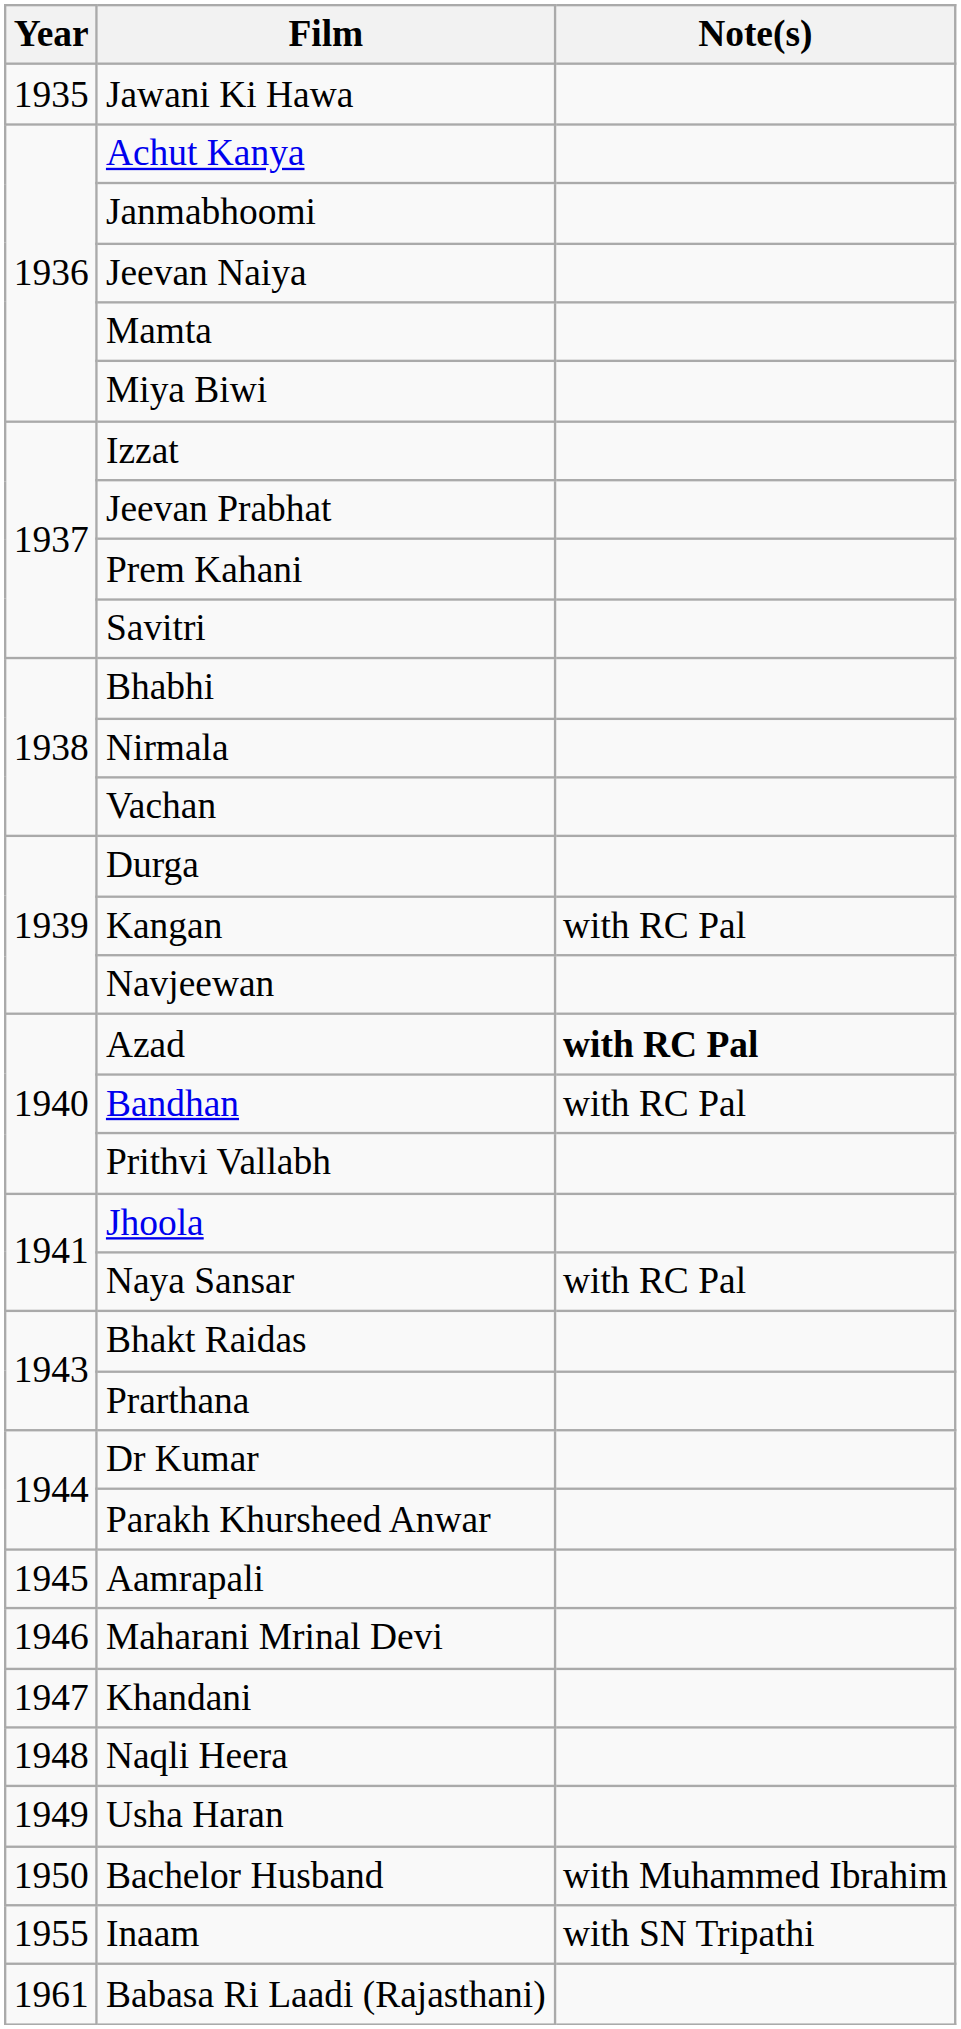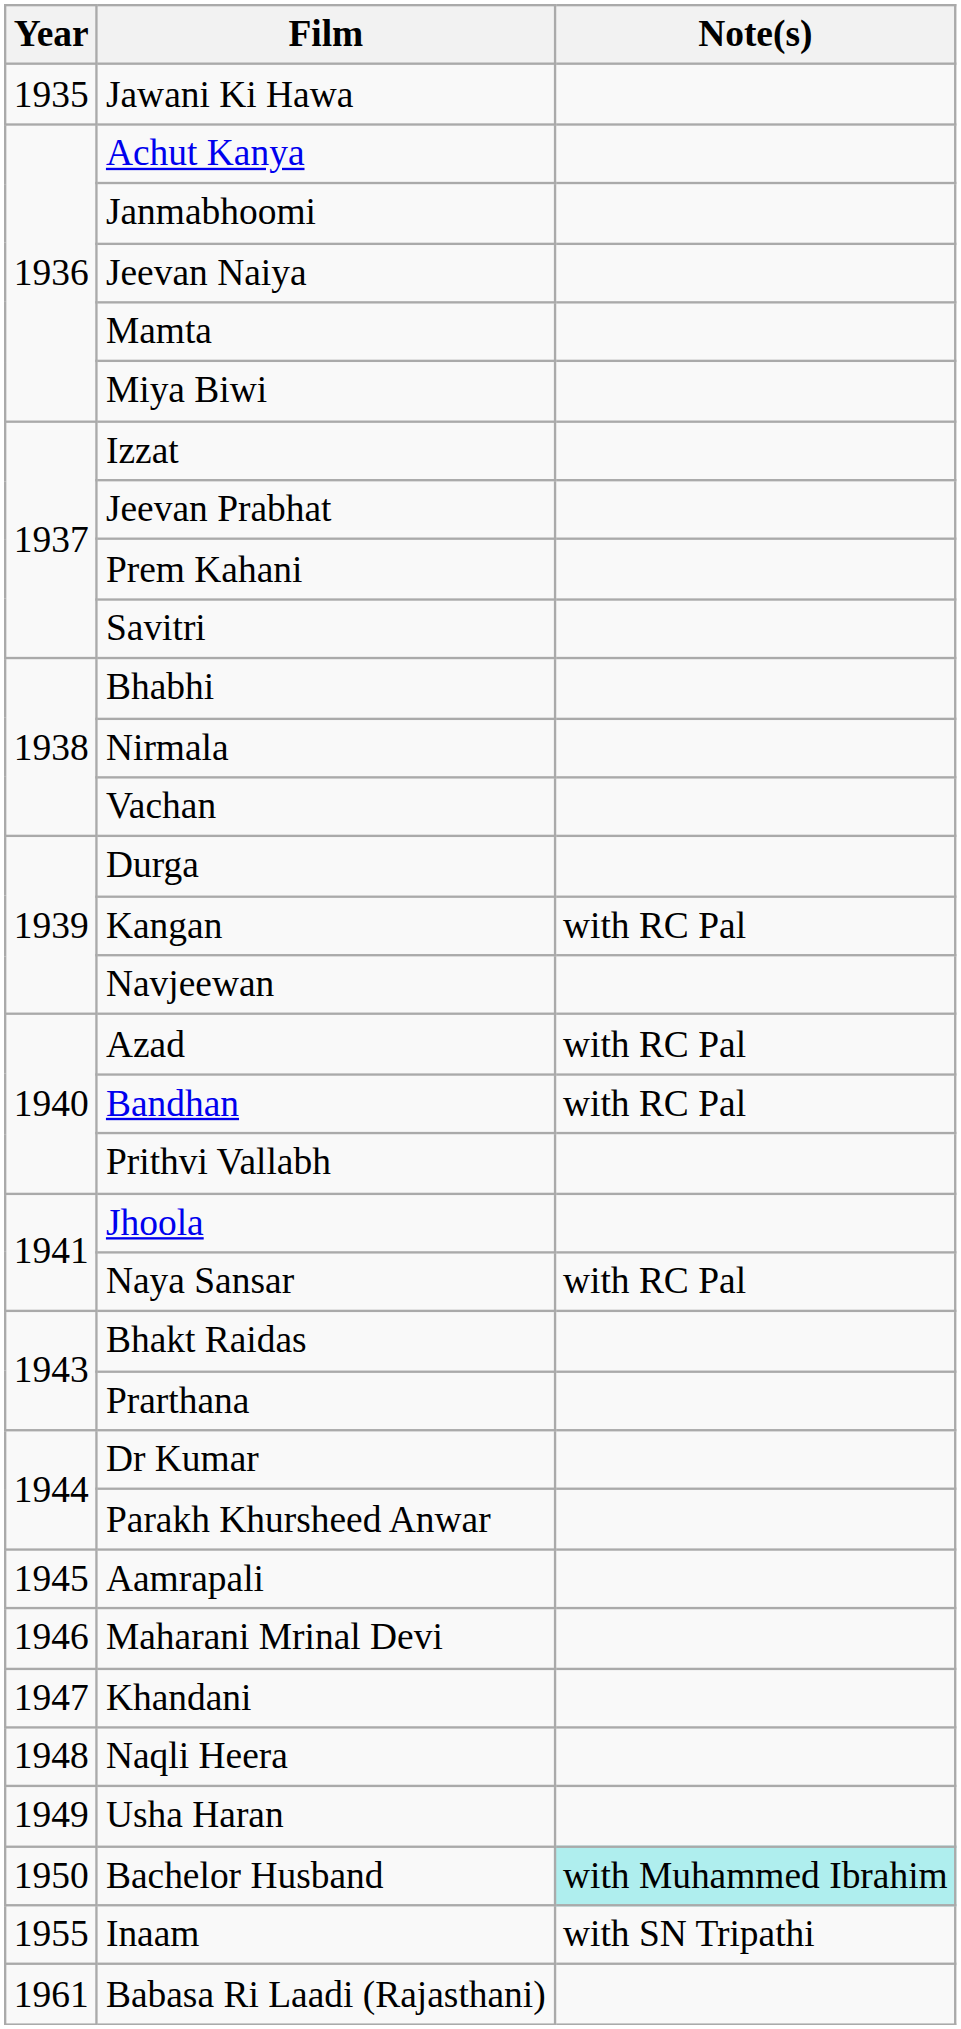 <table class="wikitable sortable">
 <tr>
 <th scope="col">Year</th>
 <th scope="col">Film</th>
 <th scope="col">Note(s)</th>
 </tr>
 <tr>
 <td>1935</td>
 <td>Jawani Ki Hawa</td>
 <td></td>
 </tr>
 <tr>
 <td rowspan="5">1936</td>
 <td><a href='#'>Achut Kanya</a></td>
 <td></td>
 </tr>
 <tr>
 <td>Janmabhoomi</td>
 <td></td>
 </tr>
 <tr>
 <td>Jeevan Naiya</td>
 <td></td>
 </tr>
 <tr>
 <td>Mamta</td>
 <td></td>
 </tr>
 <tr>
 <td>Miya Biwi</td>
 <td></td>
 </tr>
 <tr>
 <td rowspan="4">1937</td>
 <td>Izzat</td>
 <td></td>
 </tr>
 <tr>
 <td>Jeevan Prabhat</td>
 <td></td>
 </tr>
 <tr>
 <td>Prem Kahani</td>
 <td></td>
 </tr>
 <tr>
 <td>Savitri</td>
 <td></td>
 </tr>
 <tr>
 <td rowspan="3">1938</td>
 <td>Bhabhi</td>
 <td></td>
 </tr>
 <tr>
 <td>Nirmala</td>
 <td></td>
 </tr>
 <tr>
 <td>Vachan</td>
 <td></td>
 </tr>
 <tr>
 <td rowspan="3">1939</td>
 <td>Durga</td>
 <td></td>
 </tr>
 <tr>
 <td>Kangan</td>
 <td>with RC Pal</td>
 </tr>
 <tr>
 <td>Navjeewan</td>
 <td></td>
 </tr>
 <tr>
 <td rowspan="3">1940</td>
 <td>Azad</td>
-<td><strong>with RC Pal</strong></td>
+<td>with RC Pal</td>
 </tr>
 <tr>
 <td><a href='#'>Bandhan</a></td>
 <td>with RC Pal</td>
 </tr>
 <tr>
 <td>Prithvi Vallabh</td>
 <td></td>
 </tr>
 <tr>
 <td rowspan="2">1941</td>
 <td><a href='#'>Jhoola</a></td>
 <td></td>
 </tr>
 <tr>
 <td>Naya Sansar</td>
 <td>with RC Pal</td>
 </tr>
 <tr>
 <td rowspan="2">1943</td>
 <td>Bhakt Raidas</td>
 <td></td>
 </tr>
 <tr>
 <td>Prarthana</td>
 <td></td>
 </tr>
 <tr>
 <td rowspan="2">1944</td>
 <td>Dr Kumar</td>
 <td></td>
 </tr>
 <tr>
 <td>Parakh Khursheed Anwar</td>
 <td></td>
 </tr>
 <tr>
 <td>1945</td>
 <td>Aamrapali</td>
 <td></td>
 </tr>
 <tr>
 <td>1946</td>
 <td>Maharani Mrinal Devi</td>
 <td></td>
 </tr>
 <tr>
 <td>1947</td>
 <td>Khandani</td>
 <td></td>
 </tr>
 <tr>
 <td>1948</td>
 <td>Naqli Heera</td>
 <td></td>
 </tr>
 <tr>
 <td>1949</td>
 <td>Usha Haran</td>
 <td></td>
 </tr>
 <tr>
 <td>1950</td>
 <td>Bachelor Husband</td>
-<td>with Muhammed Ibrahim</td>
+<td style="background: paleturquoise;">with Muhammed Ibrahim</td>
 </tr>
 <tr>
 <td>1955</td>
 <td>Inaam</td>
 <td>with SN Tripathi</td>
 </tr>
 <tr>
 <td>1961</td>
 <td>Babasa Ri Laadi (Rajasthani)</td>
 <td></td>
 </tr>
 </table>
